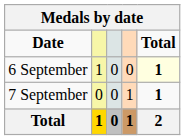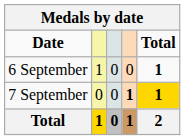 <table class="wikitable" style="font-size:85%">
 <tr bgcolor="#efefef">
 <th colspan=6>Medals by date</th>
 </tr>
 <tr align=center>
 <td><strong>Date</strong></td>
 <td bgcolor=#f7f6a8></td>
 <td bgcolor=#dce5e5></td>
 <td bgcolor=#ffdab9></td>
 <td><strong>Total</strong></td>
 </tr>
 <tr align=center>
 <td>6 September</td>
 <td style="background:#F7F6A8;">1</td>
 <td style="background:#DCE5E5;">0</td>
 <td style="background:#FFDAB9;">0</td>
-<td style="background: lightyellow;"><strong>1</strong></td>
+<td><strong>1</strong></td>
 </tr>
 <tr align=center>
 <td>7 September</td>
 <td style="background:#F7F6A8;">0</td>
 <td style="background:#DCE5E5;">0</td>
-<td style="background:#FFDAB9;">1</td>
-<td><strong>1</strong></td>
+<td style="background:#FFDAB9;"><strong>1</strong></td>
+<td style="background: gold;"><strong>1</strong></td>
 </tr>
 <tr align=center>
 <th><strong>Total</strong></th>
 <th style="background:gold;"><strong>1</strong></th>
 <th style="background:silver;"><strong>0</strong></th>
 <th style="background:#c96;"><strong>1</strong></th>
 <th>2</th>
 </tr>
 </table>
